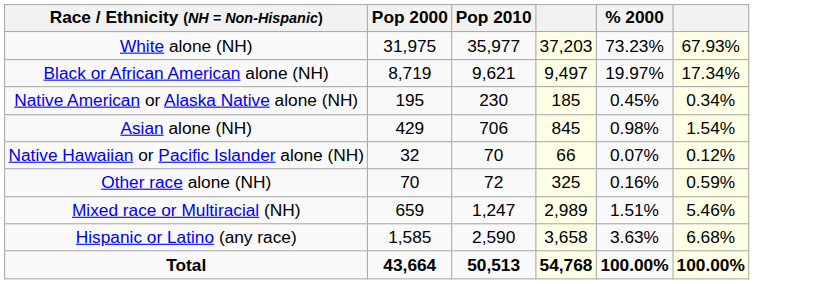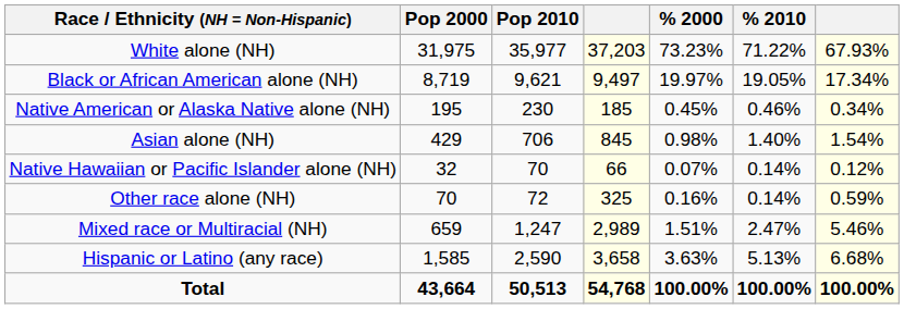 <table class="wikitable" style="text-align:center;">
 <tr>
 <th>Race / Ethnicity <small>(<em>NH = Non-Hispanic</em>)</small></th>
 <th>Pop 2000</th>
 <th>Pop 2010</th>
 <th></th>
 <th>% 2000</th>
+<th>% 2010</th>
 <th></th>
 </tr>
 <tr>
 <td><a href='#'>White</a> alone (NH)</td>
 <td>31,975</td>
 <td>35,977</td>
 <td style='background: #ffffe6;'>37,203</td>
 <td>73.23%</td>
+<td>71.22%</td>
 <td style='background: #ffffe6;'>67.93%</td>
 </tr>
 <tr>
 <td><a href='#'>Black or African American</a> alone (NH)</td>
 <td>8,719</td>
 <td>9,621</td>
 <td style='background: #ffffe6;'>9,497</td>
 <td>19.97%</td>
+<td>19.05%</td>
 <td style='background: #ffffe6;'>17.34%</td>
 </tr>
 <tr>
 <td><a href='#'>Native American</a> or <a href='#'>Alaska Native</a> alone (NH)</td>
 <td>195</td>
 <td>230</td>
 <td style='background: #ffffe6;'>185</td>
 <td>0.45%</td>
+<td>0.46%</td>
 <td style='background: #ffffe6;'>0.34%</td>
 </tr>
 <tr>
 <td><a href='#'>Asian</a> alone (NH)</td>
 <td>429</td>
 <td>706</td>
 <td style='background: #ffffe6;'>845</td>
 <td>0.98%</td>
+<td>1.40%</td>
 <td style='background: #ffffe6;'>1.54%</td>
 </tr>
 <tr>
 <td><a href='#'>Native Hawaiian</a> or <a href='#'>Pacific Islander</a> alone (NH)</td>
 <td>32</td>
 <td>70</td>
 <td style='background: #ffffe6;'>66</td>
 <td>0.07%</td>
+<td>0.14%</td>
 <td style='background: #ffffe6;'>0.12%</td>
 </tr>
 <tr>
 <td><a href='#'>Other race</a> alone (NH)</td>
 <td>70</td>
 <td>72</td>
 <td style='background: #ffffe6;'>325</td>
 <td>0.16%</td>
+<td>0.14%</td>
 <td style='background: #ffffe6;'>0.59%</td>
 </tr>
 <tr>
 <td><a href='#'>Mixed race or Multiracial</a> (NH)</td>
 <td>659</td>
 <td>1,247</td>
 <td style='background: #ffffe6;'>2,989</td>
 <td>1.51%</td>
+<td>2.47%</td>
 <td style='background: #ffffe6;'>5.46%</td>
 </tr>
 <tr>
 <td><a href='#'>Hispanic or Latino</a> (any race)</td>
 <td>1,585</td>
 <td>2,590</td>
 <td style='background: #ffffe6;'>3,658</td>
 <td>3.63%</td>
+<td>5.13%</td>
 <td style='background: #ffffe6;'>6.68%</td>
 </tr>
 <tr>
 <td><strong>Total</strong></td>
 <td><strong>43,664</strong></td>
 <td><strong>50,513</strong></td>
 <td style='background: #ffffe6;'><strong>54,768</strong></td>
 <td><strong>100.00%</strong></td>
+<td><strong>100.00%</strong></td>
 <td style='background: #ffffe6;'><strong>100.00%</strong></td>
 </tr>
 </table>
